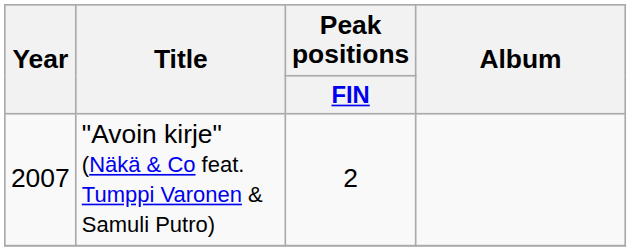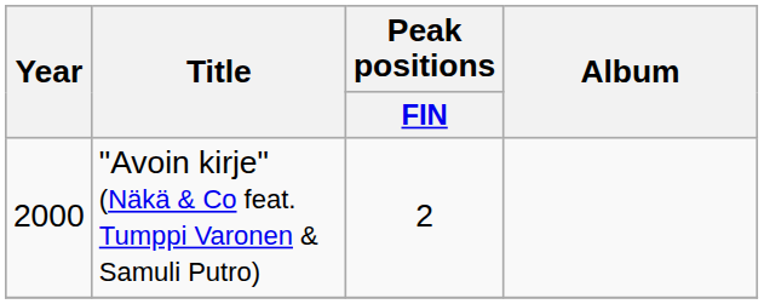 <table class="wikitable">
 <tr>
 <th align="center" rowspan="2" width="10">Year</th>
 <th align="center" rowspan="2" width="120">Title</th>
 <th align="center" colspan="1" width="20">Peak positions</th>
 <th align="center" rowspan="2" width="120">Album</th>
 </tr>
 <tr>
 <th scope="col" style="width:3em;font-size:90%;"><a href='#'>FIN</a><br></th>
 </tr>
 <tr>
-<td style="text-align:center;">2007</td>
+<td style="text-align:center;">2000</td>
 <td>"Avoin kirje" <br><small>(<a href='#'>Näkä & Co</a> feat. <a href='#'>Tumppi Varonen</a> & Samuli Putro)</small></td>
 <td style="text-align:center;">2</td>
 <td style="text-align:center;"></td>
 </tr>
 <tr>
 </tr>
 </table>
